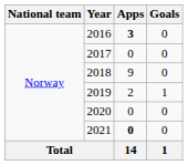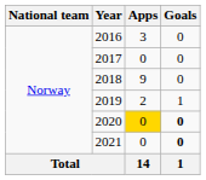 <table class="wikitable" style="text-align:center">
 <tr>
 <th>National team</th>
 <th>Year</th>
 <th>Apps</th>
 <th>Goals</th>
 </tr>
 <tr>
 <td rowspan="6"><a href='#'>Norway</a></td>
 <td>2016</td>
-<td><strong>3</strong></td>
+<td>3</td>
 <td>0</td>
 </tr>
 <tr>
 <td>2017</td>
 <td>0</td>
 <td>0</td>
 </tr>
 <tr>
 <td>2018</td>
 <td>9</td>
 <td>0</td>
 </tr>
 <tr>
 <td>2019</td>
 <td>2</td>
 <td>1</td>
 </tr>
 <tr>
 <td>2020</td>
-<td>0</td>
-<td>0</td>
+<td style="background: gold;">0</td>
+<td><strong>0</strong></td>
 </tr>
 <tr>
 <td>2021</td>
+<td>0</td>
 <td><strong>0</strong></td>
-<td>0</td>
 </tr>
 <tr>
 <th colspan="2">Total</th>
 <th>14</th>
 <th>1</th>
 </tr>
 </table>
